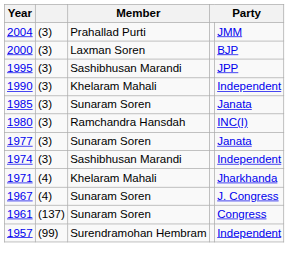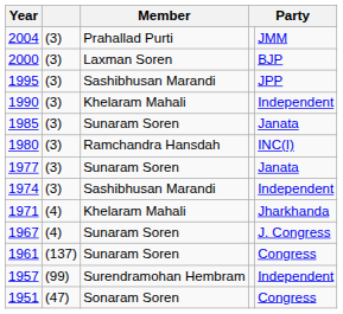 <table class="wikitable sortable">
 <tr>
 <th>Year</th>
 <th></th>
 <th>Member</th>
 <th colspan="2">Party</th>
 </tr>
 <tr>
 <td><a href='#'>2004</a></td>
 <td>(3)</td>
 <td>Prahallad Purti</td>
 <td style="background: "></td>
 <td><a href='#'>JMM</a></td>
 </tr>
 <tr>
 <td><a href='#'>2000</a></td>
 <td>(3)</td>
 <td>Laxman Soren</td>
 <td style="background: "></td>
 <td><a href='#'>BJP</a></td>
 </tr>
 <tr>
 <td><a href='#'>1995</a></td>
 <td>(3)</td>
 <td>Sashibhusan Marandi</td>
 <td style="background: "></td>
 <td><a href='#'>JPP</a></td>
 </tr>
 <tr>
 <td><a href='#'>1990</a></td>
 <td>(3)</td>
 <td>Khelaram Mahali</td>
 <td style="background: "></td>
 <td><a href='#'>Independent</a></td>
 </tr>
 <tr>
 <td><a href='#'>1985</a></td>
 <td>(3)</td>
 <td>Sunaram Soren</td>
 <td style="background: "></td>
 <td><a href='#'>Janata</a></td>
 </tr>
 <tr>
 <td><a href='#'>1980</a></td>
 <td>(3)</td>
 <td>Ramchandra Hansdah</td>
 <td style="background: "></td>
 <td><a href='#'>INC(I)</a></td>
 </tr>
 <tr>
 <td><a href='#'>1977</a></td>
 <td>(3)</td>
 <td>Sunaram Soren</td>
 <td style="background: "></td>
 <td><a href='#'>Janata</a></td>
 </tr>
 <tr>
 <td><a href='#'>1974</a></td>
 <td>(3)</td>
 <td>Sashibhusan Marandi</td>
 <td style="background: "></td>
 <td><a href='#'>Independent</a></td>
 </tr>
 <tr>
 <td><a href='#'>1971</a></td>
 <td>(4)</td>
 <td>Khelaram Mahali</td>
 <td style="background: "></td>
 <td><a href='#'>Jharkhanda</a></td>
 </tr>
 <tr>
 <td><a href='#'>1967</a></td>
 <td>(4)</td>
 <td>Sunaram Soren</td>
 <td style="background: "></td>
 <td><a href='#'>J. Congress</a></td>
 </tr>
 <tr>
 <td><a href='#'>1961</a></td>
 <td>(137)</td>
 <td>Sunaram Soren</td>
 <td style="background: "></td>
 <td><a href='#'>Congress</a></td>
 </tr>
 <tr>
 <td><a href='#'>1957</a></td>
 <td>(99)</td>
 <td>Surendramohan Hembram</td>
 <td style="background: "></td>
 <td><a href='#'>Independent</a></td>
 </tr>
+<tr>
+<td><a href='#'>1951</a></td>
+<td>(47)</td>
+<td>Sonaram Soren</td>
+<td style="background: "></td>
+<td><a href='#'>Congress</a></td>
+</tr>
 </table>
